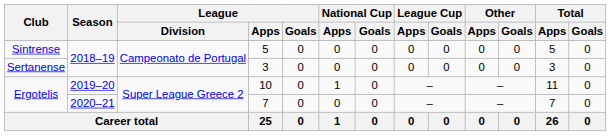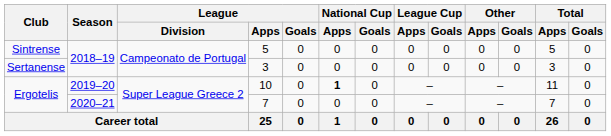 <table class="wikitable" style="text-align: center">
 <tr>
 <th rowspan="2">Club</th>
 <th rowspan="2">Season</th>
 <th colspan="3">League</th>
 <th colspan="2">National Cup</th>
 <th colspan="2">League Cup</th>
 <th colspan="2">Other</th>
 <th colspan="2">Total</th>
 </tr>
 <tr>
 <th>Division</th>
 <th>Apps</th>
 <th>Goals</th>
 <th>Apps</th>
 <th>Goals</th>
 <th>Apps</th>
 <th>Goals</th>
 <th>Apps</th>
 <th>Goals</th>
 <th>Apps</th>
 <th>Goals</th>
 </tr>
 <tr>
 <td><a href='#'>Sintrense</a></td>
 <td rowspan="2"><a href='#'>2018–19</a></td>
 <td rowspan="2"><a href='#'>Campeonato de Portugal</a></td>
 <td>5</td>
 <td>0</td>
 <td>0</td>
 <td>0</td>
 <td>0</td>
 <td>0</td>
 <td>0</td>
 <td>0</td>
 <td>5</td>
 <td>0</td>
 </tr>
 <tr>
 <td><a href='#'>Sertanense</a></td>
 <td>3</td>
 <td>0</td>
 <td>0</td>
 <td>0</td>
 <td>0</td>
 <td>0</td>
 <td>0</td>
 <td>0</td>
 <td>3</td>
 <td>0</td>
 </tr>
 <tr>
 <td rowspan="2"><a href='#'>Ergotelis</a></td>
 <td><a href='#'>2019–20</a></td>
 <td rowspan="2"><a href='#'>Super League Greece 2</a></td>
 <td>10</td>
 <td>0</td>
-<td>1</td>
+<td><strong>1</strong></td>
 <td>0</td>
 <td colspan="2">–</td>
 <td colspan="2">–</td>
 <td>11</td>
 <td>0</td>
 </tr>
 <tr>
 <td><a href='#'>2020–21</a></td>
 <td>7</td>
 <td>0</td>
 <td>0</td>
 <td>0</td>
 <td colspan="2">–</td>
 <td colspan="2">–</td>
 <td>7</td>
 <td>0</td>
 </tr>
 <tr>
 <th colspan=3>Career total</th>
 <th>25</th>
 <th>0</th>
 <th>1</th>
 <th>0</th>
 <th>0</th>
 <th>0</th>
 <th>0</th>
 <th>0</th>
 <th>26</th>
 <th>0</th>
 </tr>
 </table>
